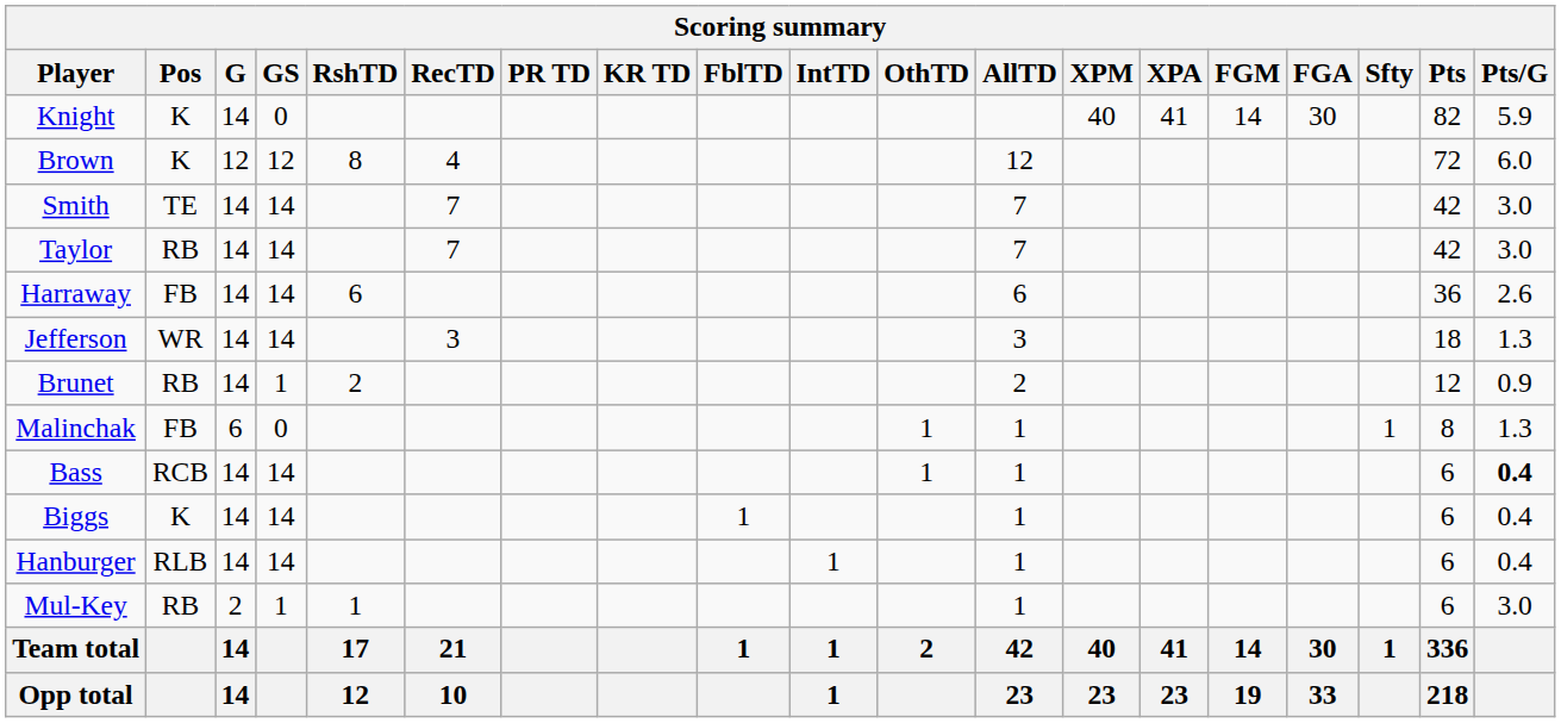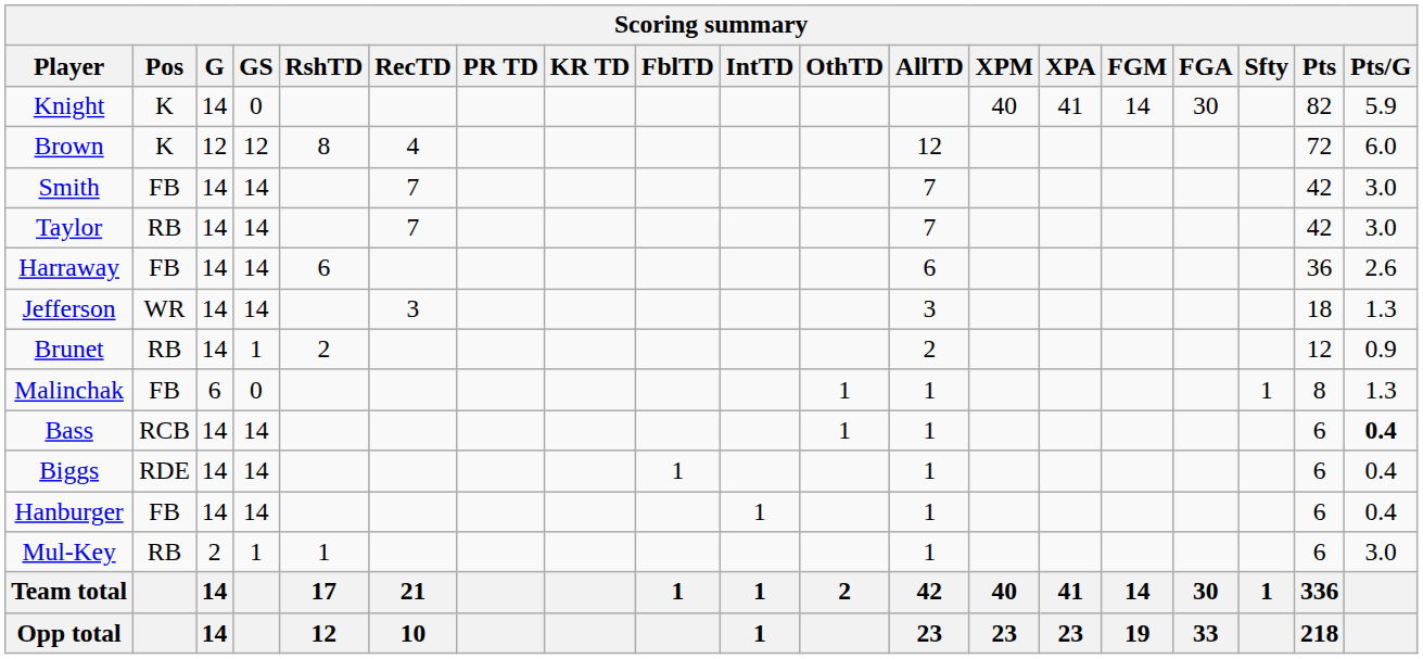 <table class="wikitable" style="text-align:center">
 <tr>
 <th colspan="19">Scoring summary</th>
 </tr>
 <tr>
 <th>Player</th>
 <th>Pos</th>
 <th>G</th>
 <th>GS</th>
 <th>RshTD</th>
 <th>RecTD</th>
 <th>PR TD</th>
 <th>KR TD</th>
 <th>FblTD</th>
 <th>IntTD</th>
 <th>OthTD</th>
 <th>AllTD</th>
 <th>XPM</th>
 <th>XPA</th>
 <th>FGM</th>
 <th>FGA</th>
 <th>Sfty</th>
 <th>Pts</th>
 <th>Pts/G</th>
 </tr>
 <tr>
 <td><a href='#'>Knight</a></td>
 <td>K</td>
 <td>14</td>
 <td>0</td>
 <td></td>
 <td></td>
 <td></td>
 <td></td>
 <td></td>
 <td></td>
 <td></td>
 <td></td>
 <td>40</td>
 <td>41</td>
 <td>14</td>
 <td>30</td>
 <td></td>
 <td>82</td>
 <td>5.9</td>
 </tr>
 <tr>
 <td><a href='#'>Brown</a></td>
 <td>K</td>
 <td>12</td>
 <td>12</td>
 <td>8</td>
 <td>4</td>
 <td></td>
 <td></td>
 <td></td>
 <td></td>
 <td></td>
 <td>12</td>
 <td></td>
 <td></td>
 <td></td>
 <td></td>
 <td></td>
 <td>72</td>
 <td>6.0</td>
 </tr>
 <tr>
 <td><a href='#'>Smith</a></td>
-<td>TE</td>
+<td>FB</td>
 <td>14</td>
 <td>14</td>
 <td></td>
 <td>7</td>
 <td></td>
 <td></td>
 <td></td>
 <td></td>
 <td></td>
 <td>7</td>
 <td></td>
 <td></td>
 <td></td>
 <td></td>
 <td></td>
 <td>42</td>
 <td>3.0</td>
 </tr>
 <tr>
 <td><a href='#'>Taylor</a></td>
 <td>RB</td>
 <td>14</td>
 <td>14</td>
 <td></td>
 <td>7</td>
 <td></td>
 <td></td>
 <td></td>
 <td></td>
 <td></td>
 <td>7</td>
 <td></td>
 <td></td>
 <td></td>
 <td></td>
 <td></td>
 <td>42</td>
 <td>3.0</td>
 </tr>
 <tr>
 <td><a href='#'>Harraway</a></td>
 <td>FB</td>
 <td>14</td>
 <td>14</td>
 <td>6</td>
 <td></td>
 <td></td>
 <td></td>
 <td></td>
 <td></td>
 <td></td>
 <td>6</td>
 <td></td>
 <td></td>
 <td></td>
 <td></td>
 <td></td>
 <td>36</td>
 <td>2.6</td>
 </tr>
 <tr>
 <td><a href='#'>Jefferson</a></td>
 <td>WR</td>
 <td>14</td>
 <td>14</td>
 <td></td>
 <td>3</td>
 <td></td>
 <td></td>
 <td></td>
 <td></td>
 <td></td>
 <td>3</td>
 <td></td>
 <td></td>
 <td></td>
 <td></td>
 <td></td>
 <td>18</td>
 <td>1.3</td>
 </tr>
 <tr>
 <td><a href='#'>Brunet</a></td>
 <td>RB</td>
 <td>14</td>
 <td>1</td>
 <td>2</td>
 <td></td>
 <td></td>
 <td></td>
 <td></td>
 <td></td>
 <td></td>
 <td>2</td>
 <td></td>
 <td></td>
 <td></td>
 <td></td>
 <td></td>
 <td>12</td>
 <td>0.9</td>
 </tr>
 <tr>
 <td><a href='#'>Malinchak</a></td>
 <td>FB</td>
 <td>6</td>
 <td>0</td>
 <td></td>
 <td></td>
 <td></td>
 <td></td>
 <td></td>
 <td></td>
 <td>1</td>
 <td>1</td>
 <td></td>
 <td></td>
 <td></td>
 <td></td>
 <td>1</td>
 <td>8</td>
 <td>1.3</td>
 </tr>
 <tr>
 <td><a href='#'>Bass</a></td>
 <td>RCB</td>
 <td>14</td>
 <td>14</td>
 <td></td>
 <td></td>
 <td></td>
 <td></td>
 <td></td>
 <td></td>
 <td>1</td>
 <td>1</td>
 <td></td>
 <td></td>
 <td></td>
 <td></td>
 <td></td>
 <td>6</td>
 <td><strong>0.4</strong></td>
 </tr>
 <tr>
 <td><a href='#'>Biggs</a></td>
-<td>K</td>
+<td>RDE</td>
 <td>14</td>
 <td>14</td>
 <td></td>
 <td></td>
 <td></td>
 <td></td>
 <td>1</td>
 <td></td>
 <td></td>
 <td>1</td>
 <td></td>
 <td></td>
 <td></td>
 <td></td>
 <td></td>
 <td>6</td>
 <td>0.4</td>
 </tr>
 <tr>
 <td><a href='#'>Hanburger</a></td>
-<td>RLB</td>
+<td>FB</td>
 <td>14</td>
 <td>14</td>
 <td></td>
 <td></td>
 <td></td>
 <td></td>
 <td></td>
 <td>1</td>
 <td></td>
 <td>1</td>
 <td></td>
 <td></td>
 <td></td>
 <td></td>
 <td></td>
 <td>6</td>
 <td>0.4</td>
 </tr>
 <tr>
 <td><a href='#'>Mul-Key</a></td>
 <td>RB</td>
 <td>2</td>
 <td>1</td>
 <td>1</td>
 <td></td>
 <td></td>
 <td></td>
 <td></td>
 <td></td>
 <td></td>
 <td>1</td>
 <td></td>
 <td></td>
 <td></td>
 <td></td>
 <td></td>
 <td>6</td>
 <td>3.0</td>
 </tr>
 <tr>
 <th>Team total</th>
 <th></th>
 <th>14</th>
 <th></th>
 <th>17</th>
 <th>21</th>
 <th></th>
 <th></th>
 <th>1</th>
 <th>1</th>
 <th>2</th>
 <th>42</th>
 <th>40</th>
 <th>41</th>
 <th>14</th>
 <th>30</th>
 <th>1</th>
 <th>336</th>
 <th></th>
 </tr>
 <tr>
 <th>Opp total</th>
 <th></th>
 <th>14</th>
 <th></th>
 <th>12</th>
 <th>10</th>
 <th></th>
 <th></th>
 <th></th>
 <th>1</th>
 <th></th>
 <th>23</th>
 <th>23</th>
 <th>23</th>
 <th>19</th>
 <th>33</th>
 <th></th>
 <th>218</th>
 <th></th>
 </tr>
 </table>
